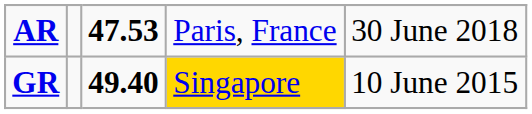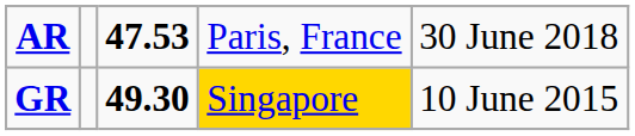 <table class="wikitable" style="font-size:95%; position:relative;">
 <tr>
 <td align=center><strong><a href='#'>AR</a></strong></td>
 <td></td>
 <td><strong>47.53</strong></td>
 <td><a href='#'>Paris</a>, <a href='#'>France</a></td>
 <td>30 June 2018</td>
 </tr>
 <tr>
 <td align=center><strong><a href='#'>GR</a></strong></td>
 <td></td>
-<td><strong>49.40</strong></td>
+<td><strong>49.30</strong></td>
 <td style="background: gold;"><a href='#'>Singapore</a></td>
 <td>10 June 2015</td>
 </tr>
 </table>
